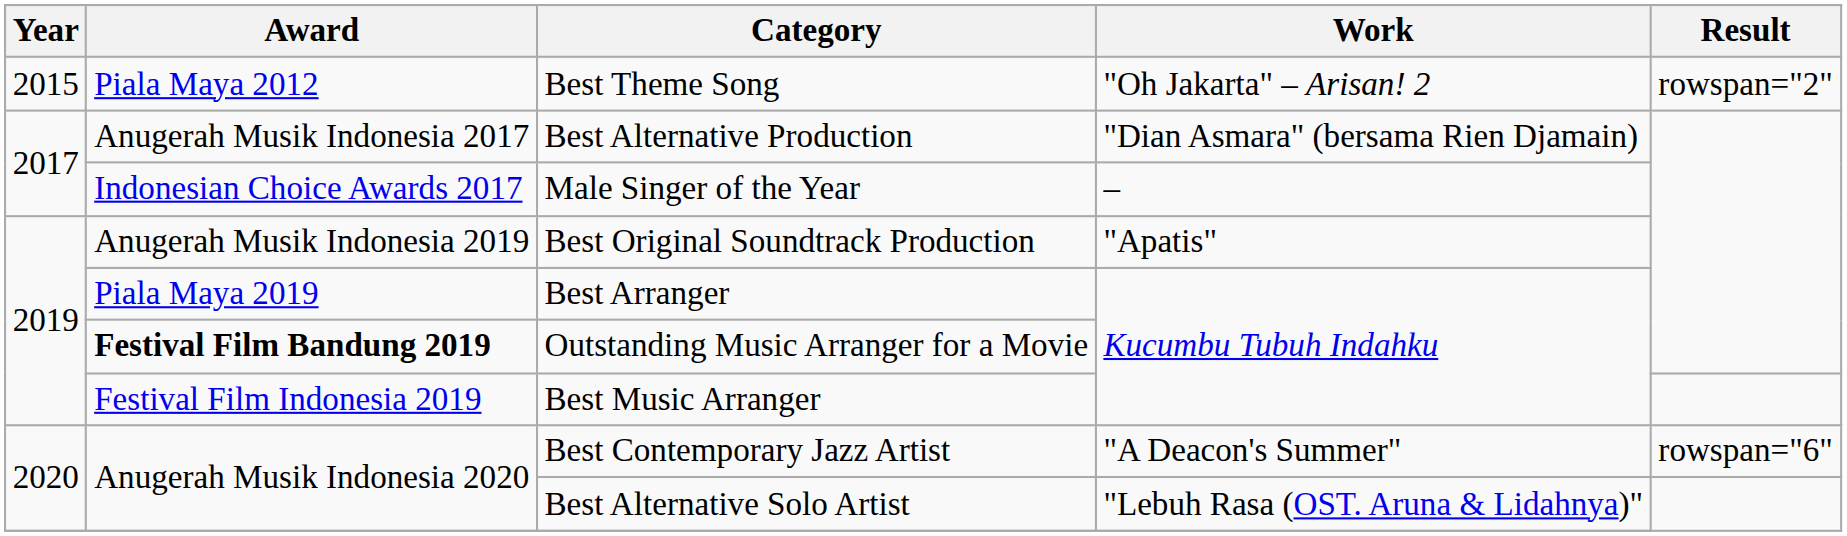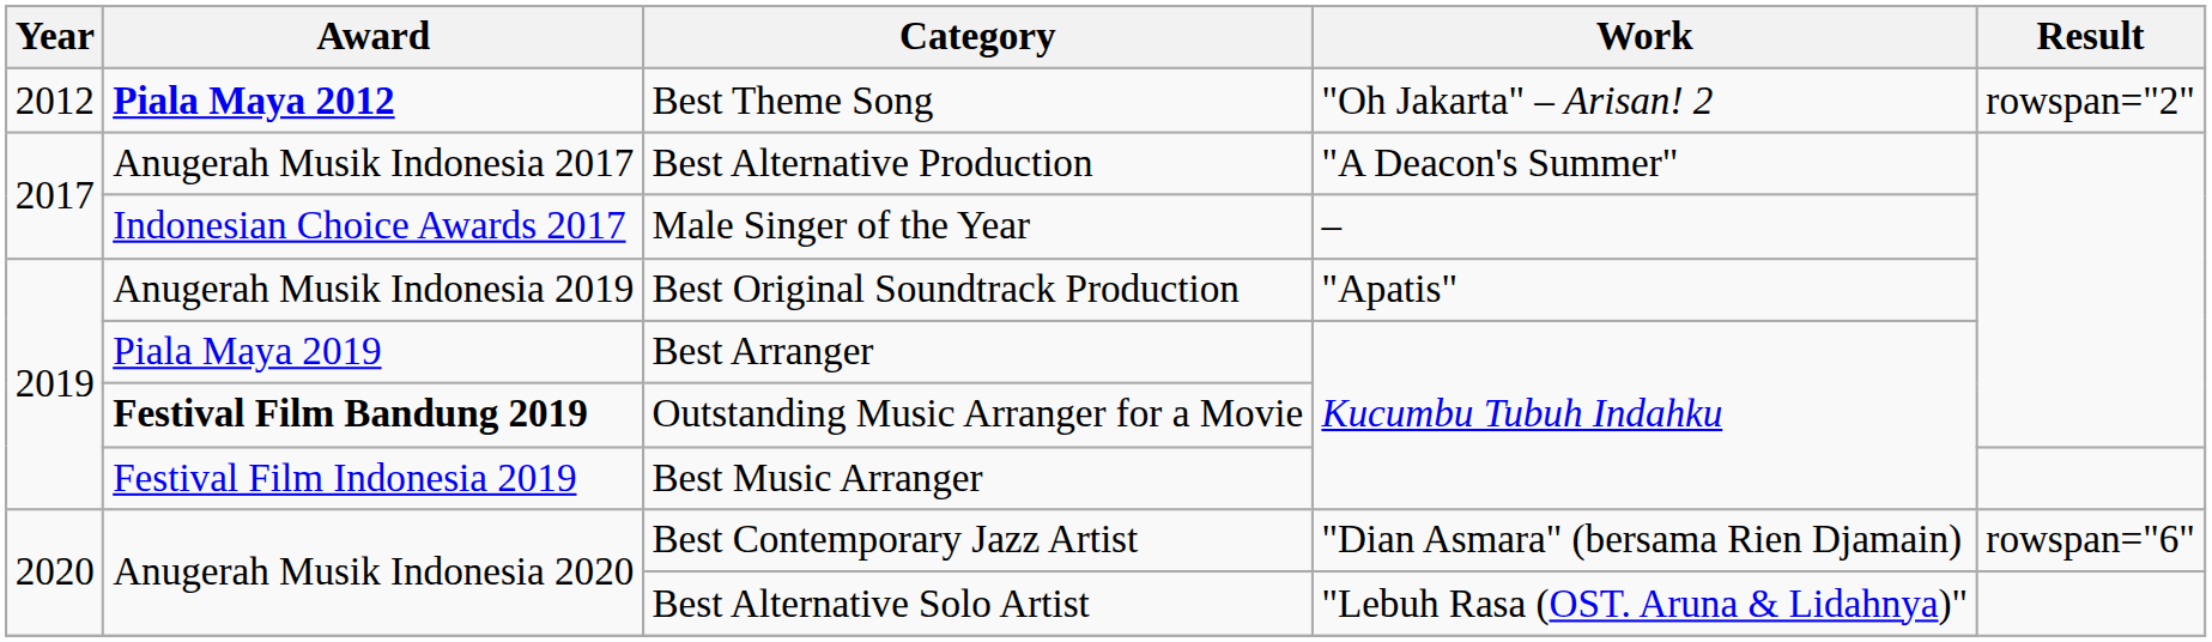 <table class="wikitable">
 <tr>
 <th>Year</th>
 <th>Award</th>
 <th>Category</th>
 <th>Work</th>
 <th>Result</th>
 </tr>
 <tr>
-<td>2015</td>
-<td><a href='#'>Piala Maya 2012</a></td>
+<td>2012</td>
+<td><strong><a href='#'>Piala Maya 2012</a></strong></td>
 <td>Best Theme Song</td>
 <td>"Oh Jakarta" – <em>Arisan! 2</em></td>
 <td>rowspan="2" </td>
 </tr>
 <tr>
 <td rowspan="2">2017</td>
 <td>Anugerah Musik Indonesia 2017</td>
 <td>Best Alternative Production</td>
-<td>"Dian Asmara" (bersama Rien Djamain)</td>
+<td>"A Deacon's Summer"</td>
 </tr>
 <tr>
 <td><a href='#'>Indonesian Choice Awards 2017</a></td>
 <td>Male Singer of the Year</td>
 <td>–</td>
 </tr>
 <tr>
 <td rowspan="4">2019</td>
 <td>Anugerah Musik Indonesia 2019</td>
 <td>Best Original Soundtrack Production</td>
 <td>"Apatis"</td>
 </tr>
 <tr>
 <td><a href='#'>Piala Maya 2019</a></td>
 <td>Best Arranger</td>
 <td rowspan="3"><em><a href='#'>Kucumbu Tubuh Indahku</a></em></td>
 </tr>
 <tr>
 <td><strong>Festival Film Bandung 2019</strong></td>
 <td>Outstanding Music Arranger for a Movie</td>
 </tr>
 <tr>
 <td><a href='#'>Festival Film Indonesia 2019</a></td>
 <td>Best Music Arranger</td>
 <td></td>
 </tr>
 <tr>
 <td rowspan="2">2020</td>
 <td rowspan="2">Anugerah Musik Indonesia 2020</td>
 <td>Best Contemporary Jazz Artist</td>
-<td>"A Deacon's Summer"</td>
+<td>"Dian Asmara" (bersama Rien Djamain)</td>
 <td>rowspan="6" </td>
 </tr>
 <tr>
 <td>Best Alternative Solo Artist</td>
 <td>"Lebuh Rasa (<a href='#'>OST. Aruna & Lidahnya</a>)"</td>
 </tr>
 <tr>
 </tr>
 </table>
